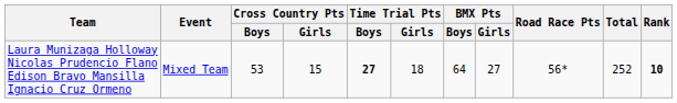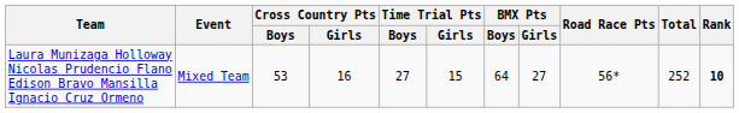 <table class="wikitable" border="1" style="font-size:90%">
 <tr>
 <th rowspan=2>Team</th>
 <th rowspan=2>Event</th>
 <th colspan=2>Cross Country Pts</th>
 <th colspan=2>Time Trial Pts</th>
 <th colspan=2>BMX Pts</th>
 <th rowspan=2>Road Race Pts</th>
 <th rowspan=2>Total</th>
 <th rowspan=2>Rank</th>
 </tr>
 <tr>
 <th>Boys</th>
 <th>Girls</th>
 <th>Boys</th>
 <th>Girls</th>
 <th>Boys</th>
 <th>Girls</th>
 </tr>
 <tr>
 <td><a href='#'>Laura Munizaga Holloway</a><br><a href='#'>Nicolas Prudencio Flano</a><br><a href='#'>Edison Bravo Mansilla</a><br><a href='#'>Ignacio Cruz Ormeno</a></td>
 <td><a href='#'>Mixed Team</a></td>
 <td align=center>53</td>
+<td align=center>16</td>
+<td align=center>27</td>
 <td align=center>15</td>
-<td align=center><strong>27</strong></td>
-<td align=center>18</td>
 <td align=center>64</td>
 <td align=center>27</td>
 <td align=center>56*</td>
 <td align=center>252</td>
 <td align=center><strong>10</strong></td>
 </tr>
 </table>
